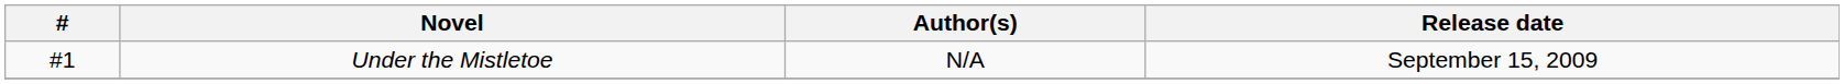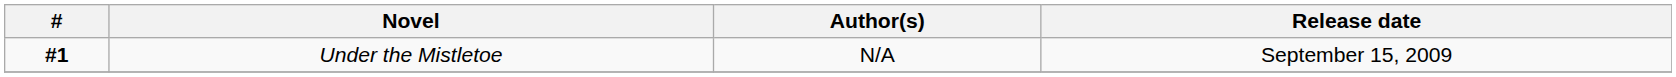 <table class="wikitable sortable" width="100%" border="1" style="font-size: 100%; text-align:center">
 <tr>
 <th>#</th>
 <th>Novel</th>
 <th>Author(s)</th>
 <th>Release date</th>
 </tr>
 <tr>
-<td>#1</td>
+<td><strong>#1</strong></td>
 <td><em>Under the Mistletoe</em></td>
 <td>N/A</td>
 <td>September 15, 2009</td>
 </tr>
 <tr>
 </tr>
 </table>
